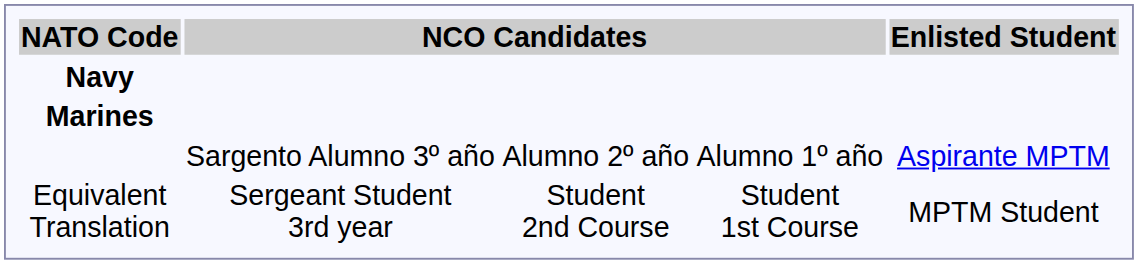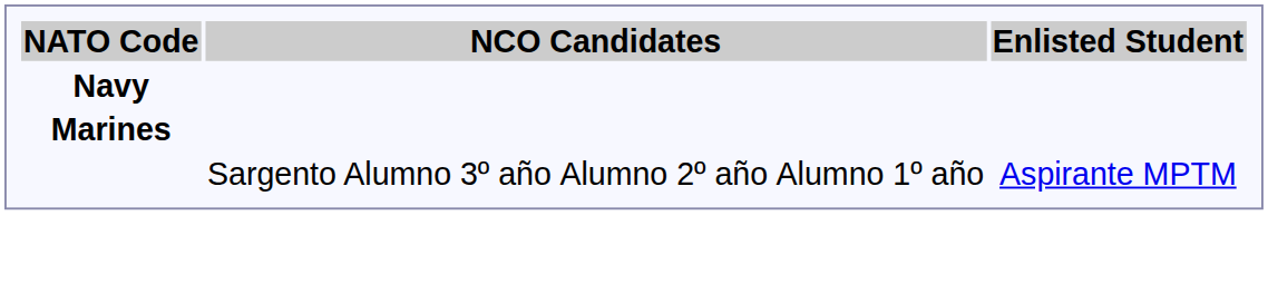 <table style="border:1px solid #8888aa; background-color:#f7f8ff; padding:5px; font-size:95%; margin: 0px 12px 12px 0px;">
 <tr style="background-color:#CCCCCC;">
 <th><strong>NATO Code</strong></th>
 <th colspan=3>NCO Candidates</th>
 <th colspan=1>Enlisted Student</th>
 </tr>
 <tr style="text-align:center;">
 <th rowspan=1> Navy</th>
 <td></td>
 <td></td>
 <td></td>
 <td></td>
 </tr>
 <tr style="text-align:center;">
 <th rowspan=1> Marines</th>
 <td></td>
 <td></td>
 <td></td>
 <td></td>
 </tr>
 <tr style="text-align:center;">
 <td></td>
 <td>Sargento Alumno 3º año</td>
 <td>Alumno 2º año</td>
 <td>Alumno 1º año</td>
 <td><a href='#'>Aspirante MPTM</a></td>
 </tr>
-<tr style="text-align:center;">
-<td>Equivalent<br>Translation</td>
-<td>Sergeant Student<br>3rd year</td>
-<td>Student<br>2nd Course</td>
-<td>Student<br>1st Course</td>
-<td>MPTM Student</td>
-</tr>
 </table>
